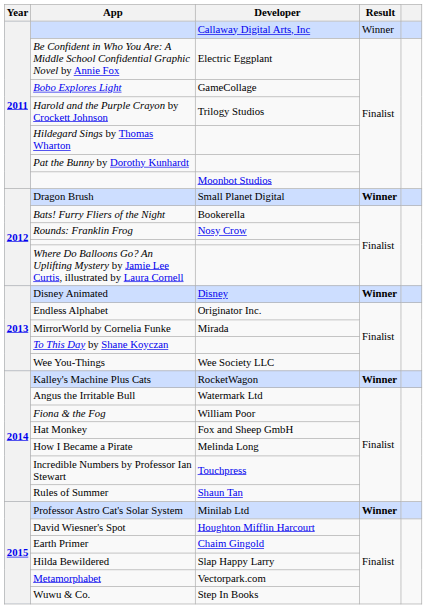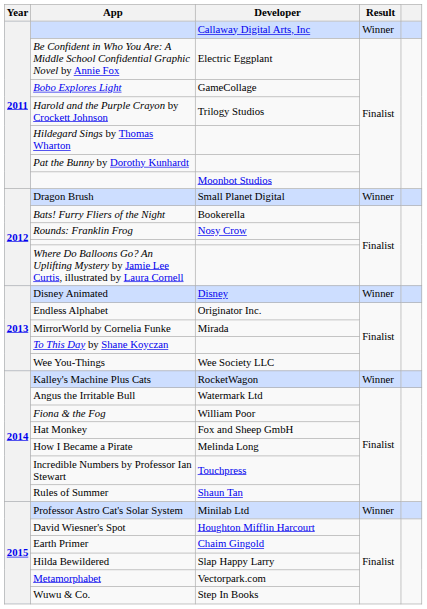 <table class="wikitable sortable mw-collapsible" width="100%">
 <tr>
 <th scope=col width="5%">Year</th>
 <th scope=col width="40%">App</th>
 <th scope=col width="40%">Developer</th>
 <th scope=col width="10%">Result</th>
 <th scope=col width="5%" class="unsortable"></th>
 </tr>
 <tr style="background:#cddeff">
 <th scope=row rowspan="7"><a href='#'>2011</a></th>
 <td><em></em></td>
 <td><a href='#'>Callaway Digital Arts, Inc</a></td>
 <td>Winner</td>
 <td></td>
 </tr>
 <tr>
 <td><em>Be Confident in Who You Are: A Middle School Confidential Graphic Novel</em> by <a href='#'>Annie Fox</a></td>
 <td>Electric Eggplant</td>
 <td rowspan="6">Finalist</td>
 <td rowspan="6"></td>
 </tr>
 <tr>
 <td><em><a href='#'>Bobo Explores Light</a></em></td>
 <td>GameCollage</td>
 </tr>
 <tr>
 <td><em>Harold and the Purple Crayon</em> by <a href='#'>Crockett Johnson</a></td>
 <td>Trilogy Studios</td>
 </tr>
 <tr>
 <td><em>Hildegard Sings</em> by <a href='#'>Thomas Wharton</a></td>
 <td></td>
 </tr>
 <tr>
 <td><em>Pat the Bunny</em> by <a href='#'>Dorothy Kunhardt</a></td>
 <td></td>
 </tr>
 <tr>
 <td></td>
 <td><a href='#'>Moonbot Studios</a></td>
 </tr>
 <tr style="background:#cddeff">
 <th scope=row rowspan="5"><a href='#'>2012</a></th>
 <td>Dragon Brush</td>
 <td>Small Planet Digital</td>
-<td><strong>Winner</strong></td>
+<td>Winner</td>
 <td></td>
 </tr>
 <tr>
 <td><em>Bats! Furry Fliers of the Night</em></td>
 <td>Bookerella</td>
 <td rowspan="4">Finalist</td>
 <td rowspan="4"></td>
 </tr>
 <tr>
 <td><em>Rounds: Franklin Frog</em></td>
 <td><a href='#'>Nosy Crow</a></td>
 </tr>
 <tr>
 <td></td>
 <td></td>
 </tr>
 <tr>
 <td><em>Where Do Balloons Go? An Uplifting Mystery</em> by <a href='#'>Jamie Lee Curtis</a>, illustrated by <a href='#'>Laura Cornell</a></td>
 <td></td>
 </tr>
 <tr style="background:#cddeff">
 <th scope=row rowspan="5"><a href='#'>2013</a></th>
 <td>Disney Animated</td>
 <td><a href='#'>Disney</a></td>
-<td><strong>Winner</strong></td>
+<td>Winner</td>
 <td></td>
 </tr>
 <tr>
 <td>Endless Alphabet</td>
 <td>Originator Inc.</td>
 <td rowspan="4">Finalist</td>
 <td rowspan="4"></td>
 </tr>
 <tr>
 <td>MirrorWorld by Cornelia Funke</td>
 <td>Mirada</td>
 </tr>
 <tr>
 <td><em><a href='#'>To This Day</a></em> by <a href='#'>Shane Koyczan</a></td>
 <td></td>
 </tr>
 <tr>
 <td>Wee You-Things</td>
 <td>Wee Society LLC</td>
 </tr>
 <tr style="background:#cddeff">
 <th scope=row rowspan="7"><a href='#'>2014</a></th>
 <td>Kalley's Machine Plus Cats</td>
 <td>RocketWagon</td>
-<td><strong>Winner</strong></td>
+<td>Winner</td>
 <td></td>
 </tr>
 <tr>
 <td>Angus the Irritable Bull</td>
 <td>Watermark Ltd</td>
 <td rowspan="6">Finalist</td>
 <td rowspan="6"></td>
 </tr>
 <tr>
 <td><em>Fiona & the Fog</em></td>
 <td>William Poor</td>
 </tr>
 <tr>
 <td>Hat Monkey</td>
 <td>Fox and Sheep GmbH</td>
 </tr>
 <tr>
 <td>How I Became a Pirate</td>
 <td>Melinda Long</td>
 </tr>
 <tr>
 <td>Incredible Numbers by Professor Ian Stewart</td>
 <td><a href='#'>Touchpress</a></td>
 </tr>
 <tr>
 <td>Rules of Summer</td>
 <td><a href='#'>Shaun Tan</a></td>
 </tr>
 <tr style="background:#cddeff">
 <th scope=row rowspan="6"><a href='#'>2015</a></th>
 <td>Professor Astro Cat's Solar System</td>
 <td>Minilab Ltd</td>
-<td><strong>Winner</strong></td>
+<td>Winner</td>
 <td></td>
 </tr>
 <tr>
 <td>David Wiesner's Spot</td>
 <td><a href='#'>Houghton Mifflin Harcourt</a></td>
 <td rowspan="5">Finalist</td>
 <td rowspan="5"></td>
 </tr>
 <tr>
 <td>Earth Primer</td>
 <td><a href='#'>Chaim Gingold</a></td>
 </tr>
 <tr>
 <td>Hilda Bewildered</td>
 <td>Slap Happy Larry</td>
 </tr>
 <tr>
 <td><a href='#'>Metamorphabet</a></td>
 <td>Vectorpark.com</td>
 </tr>
 <tr>
 <td>Wuwu & Co.</td>
 <td>Step In Books</td>
 </tr>
 </table>
